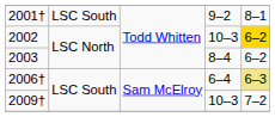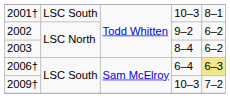 <table class="wikitable">
 <tr>
 </tr>
 <tr>
 <td>2001†</td>
 <td>LSC South</td>
 <td rowspan="3"><a href='#'>Todd Whitten</a></td>
-<td>9–2</td>
+<td>10–3</td>
 <td>8–1</td>
 </tr>
 <tr>
 <td>2002</td>
 <td rowspan="2">LSC North</td>
-<td>10–3</td>
-<td style="background: gold;">6–2</td>
+<td>9–2</td>
+<td>6–2</td>
 </tr>
 <tr>
 <td>2003</td>
 <td>8–4</td>
 <td>6–2</td>
 </tr>
 <tr>
 <td>2006†</td>
 <td rowspan="2">LSC South</td>
 <td rowspan="2"><a href='#'>Sam McElroy</a></td>
 <td>6–4</td>
 <td style="background: khaki;">6–3</td>
 </tr>
 <tr>
 <td>2009†</td>
 <td>10–3</td>
 <td>7–2</td>
 </tr>
 <tr>
 </tr>
 </table>
